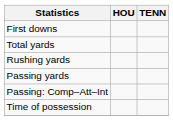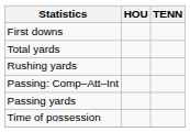 <table class="wikitable" style="float: left;">
 <tr>
 <th>Statistics</th>
 <th>HOU</th>
 <th>TENN</th>
 </tr>
 <tr>
 <td>First downs</td>
 <td></td>
 <td></td>
 </tr>
 <tr>
 <td>Total yards</td>
 <td></td>
 <td></td>
 </tr>
 <tr>
 <td>Rushing yards</td>
 <td></td>
 <td></td>
 </tr>
 <tr>
-<td>Passing yards</td>
+<td>Passing: Comp–Att–Int</td>
 <td></td>
 <td></td>
 </tr>
 <tr>
-<td>Passing: Comp–Att–Int</td>
+<td>Passing yards</td>
 <td></td>
 <td></td>
 </tr>
 <tr>
 <td>Time of possession</td>
 <td></td>
 <td></td>
 </tr>
 <tr>
 </tr>
 </table>
